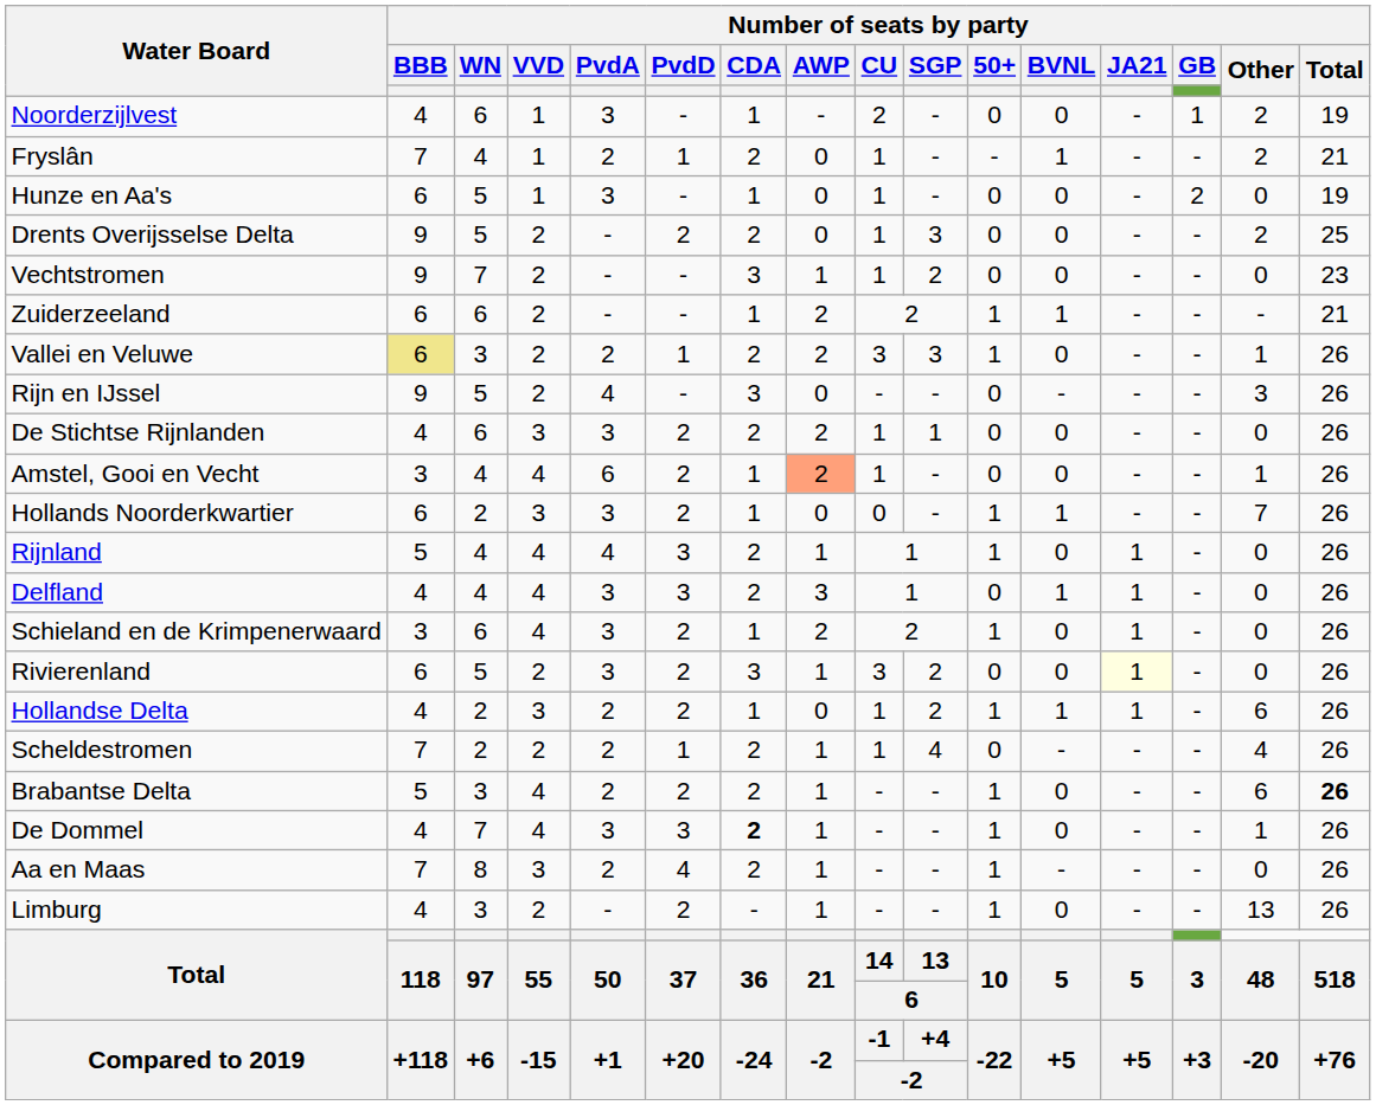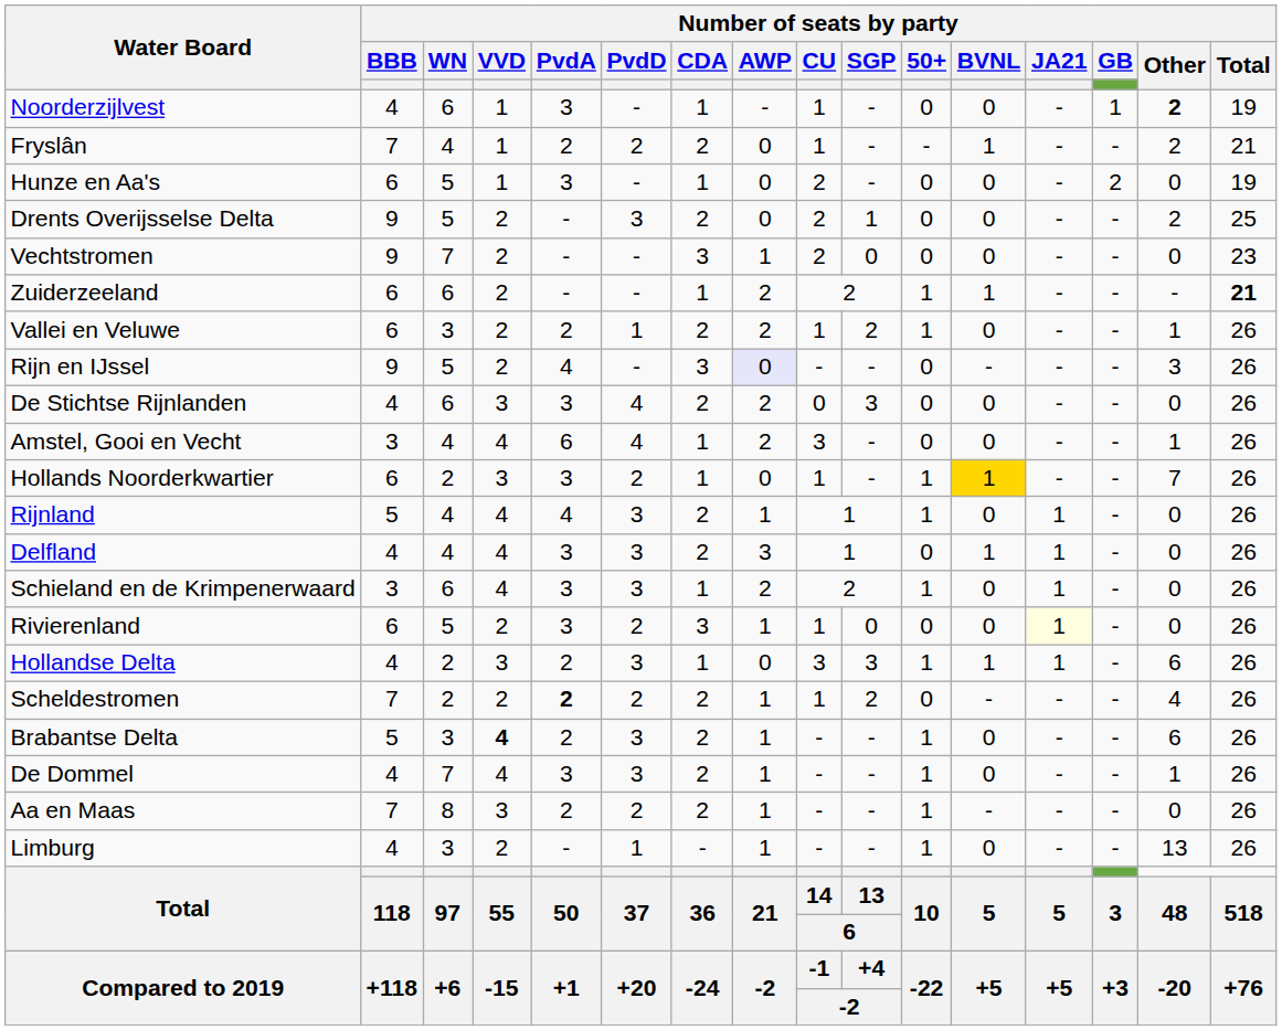 <table class="wikitable" style="text-align:center;">
 <tr>
 <th rowspan="3">Water Board</th>
 <th colspan="15">Number of seats by party</th>
 </tr>
 <tr>
 <th><a href='#'>BBB</a></th>
 <th><a href='#'>WN</a></th>
 <th><a href='#'>VVD</a></th>
 <th><a href='#'>PvdA</a></th>
 <th><a href='#'>PvdD</a></th>
 <th><a href='#'>CDA</a></th>
 <th><a href='#'>AWP</a></th>
 <th><a href='#'>CU</a></th>
 <th><a href='#'>SGP</a></th>
 <th><a href='#'>50+</a></th>
 <th><a href='#'>BVNL</a></th>
 <th><a href='#'>JA21</a></th>
 <th><a href='#'>GB</a></th>
 <th rowspan="2">Other</th>
 <th rowspan="2">Total</th>
 </tr>
 <tr>
 <th style="background-color: "></th>
 <th style="background-color: "></th>
 <th style="background-color: "></th>
 <th style="background-color: "></th>
 <th style="background-color: "></th>
 <th style="background-color: "></th>
 <th style="background-color: "></th>
 <th style="background-color: "></th>
 <th style="background-color: "></th>
 <th style="background-color: "></th>
 <th style="background-color: "></th>
 <th style="background-color: "></th>
 <th style="background-color: #69a841;"></th>
 </tr>
 <tr>
 <td style="text-align:left;"><a href='#'>Noorderzijlvest</a></td>
 <td>4</td>
 <td>6</td>
 <td>1</td>
 <td>3</td>
 <td>-</td>
 <td>1</td>
 <td>-</td>
-<td>2</td>
+<td>1</td>
 <td>-</td>
 <td>0</td>
 <td>0</td>
 <td>-</td>
 <td>1</td>
-<td>2</td>
+<td><strong>2</strong></td>
 <td>19</td>
 </tr>
 <tr>
 <td style="text-align:left;">Fryslân</td>
 <td>7</td>
 <td>4</td>
 <td>1</td>
 <td>2</td>
-<td>1</td>
+<td>2</td>
 <td>2</td>
 <td>0</td>
 <td>1</td>
 <td>-</td>
 <td>-</td>
 <td>1</td>
 <td>-</td>
 <td>-</td>
 <td>2</td>
 <td>21</td>
 </tr>
 <tr>
 <td style="text-align:left;">Hunze en Aa's</td>
 <td>6</td>
 <td>5</td>
 <td>1</td>
 <td>3</td>
 <td>-</td>
 <td>1</td>
 <td>0</td>
-<td>1</td>
+<td>2</td>
 <td>-</td>
 <td>0</td>
 <td>0</td>
 <td>-</td>
 <td>2</td>
 <td>0</td>
 <td>19</td>
 </tr>
 <tr>
 <td style="text-align:left;">Drents Overijsselse Delta</td>
 <td>9</td>
 <td>5</td>
 <td>2</td>
 <td>-</td>
-<td>2</td>
+<td>3</td>
 <td>2</td>
 <td>0</td>
+<td>2</td>
 <td>1</td>
-<td>3</td>
 <td>0</td>
 <td>0</td>
 <td>-</td>
 <td>-</td>
 <td>2</td>
 <td>25</td>
 </tr>
 <tr>
 <td style="text-align:left;">Vechtstromen</td>
 <td>9</td>
 <td>7</td>
 <td>2</td>
 <td>-</td>
 <td>-</td>
 <td>3</td>
 <td>1</td>
-<td>1</td>
 <td>2</td>
+<td>0</td>
 <td>0</td>
 <td>0</td>
 <td>-</td>
 <td>-</td>
 <td>0</td>
 <td>23</td>
 </tr>
 <tr>
 <td style="text-align:left;">Zuiderzeeland</td>
 <td>6</td>
 <td>6</td>
 <td>2</td>
 <td>-</td>
 <td>-</td>
 <td>1</td>
 <td>2</td>
 <td colspan="2">2</td>
 <td>1</td>
 <td>1</td>
 <td>-</td>
 <td>-</td>
 <td>-</td>
-<td>21</td>
+<td><strong>21</strong></td>
 </tr>
 <tr>
 <td style="text-align:left;">Vallei en Veluwe</td>
-<td style="background: khaki;">6</td>
+<td>6</td>
 <td>3</td>
 <td>2</td>
 <td>2</td>
 <td>1</td>
 <td>2</td>
 <td>2</td>
-<td>3</td>
-<td>3</td>
+<td>1</td>
+<td>2</td>
 <td>1</td>
 <td>0</td>
 <td>-</td>
 <td>-</td>
 <td>1</td>
 <td>26</td>
 </tr>
 <tr>
 <td style="text-align:left;">Rijn en IJssel</td>
 <td>9</td>
 <td>5</td>
 <td>2</td>
 <td>4</td>
 <td>-</td>
 <td>3</td>
-<td>0</td>
+<td style="background: lavender;">0</td>
 <td>-</td>
 <td>-</td>
 <td>0</td>
 <td>-</td>
 <td>-</td>
 <td>-</td>
 <td>3</td>
 <td>26</td>
 </tr>
 <tr>
 <td style="text-align:left;">De Stichtse Rijnlanden</td>
 <td>4</td>
 <td>6</td>
 <td>3</td>
 <td>3</td>
+<td>4</td>
 <td>2</td>
 <td>2</td>
-<td>2</td>
-<td>1</td>
-<td>1</td>
+<td>0</td>
+<td>3</td>
 <td>0</td>
 <td>0</td>
 <td>-</td>
 <td>-</td>
 <td>0</td>
 <td>26</td>
 </tr>
 <tr>
 <td style="text-align:left;">Amstel, Gooi en Vecht</td>
 <td>3</td>
 <td>4</td>
 <td>4</td>
 <td>6</td>
+<td>4</td>
+<td>1</td>
 <td>2</td>
-<td>1</td>
-<td style="background: lightsalmon;">2</td>
-<td>1</td>
+<td>3</td>
 <td>-</td>
 <td>0</td>
 <td>0</td>
 <td>-</td>
 <td>-</td>
 <td>1</td>
 <td>26</td>
 </tr>
 <tr>
 <td style="text-align:left;">Hollands Noorderkwartier</td>
 <td>6</td>
 <td>2</td>
 <td>3</td>
 <td>3</td>
 <td>2</td>
 <td>1</td>
 <td>0</td>
-<td>0</td>
+<td>1</td>
 <td>-</td>
 <td>1</td>
-<td>1</td>
+<td style="background: gold;">1</td>
 <td>-</td>
 <td>-</td>
 <td>7</td>
 <td>26</td>
 </tr>
 <tr>
 <td style="text-align:left;"><a href='#'>Rijnland</a></td>
 <td>5</td>
 <td>4</td>
 <td>4</td>
 <td>4</td>
 <td>3</td>
 <td>2</td>
 <td>1</td>
 <td colspan="2">1</td>
 <td>1</td>
 <td>0</td>
 <td>1</td>
 <td>-</td>
 <td>0</td>
 <td>26</td>
 </tr>
 <tr>
 <td style="text-align:left;"><a href='#'>Delfland</a></td>
 <td>4</td>
 <td>4</td>
 <td>4</td>
 <td>3</td>
 <td>3</td>
 <td>2</td>
 <td>3</td>
 <td colspan="2">1</td>
 <td>0</td>
 <td>1</td>
 <td>1</td>
 <td>-</td>
 <td>0</td>
 <td>26</td>
 </tr>
 <tr>
 <td style="text-align:left;">Schieland en de Krimpenerwaard</td>
 <td>3</td>
 <td>6</td>
 <td>4</td>
 <td>3</td>
-<td>2</td>
+<td>3</td>
 <td>1</td>
 <td>2</td>
 <td colspan="2">2</td>
 <td>1</td>
 <td>0</td>
 <td>1</td>
 <td>-</td>
 <td>0</td>
 <td>26</td>
 </tr>
 <tr>
 <td style="text-align:left;">Rivierenland</td>
 <td>6</td>
 <td>5</td>
 <td>2</td>
 <td>3</td>
 <td>2</td>
 <td>3</td>
 <td>1</td>
-<td>3</td>
-<td>2</td>
+<td>1</td>
+<td>0</td>
 <td>0</td>
 <td>0</td>
 <td style="background: lightyellow;">1</td>
 <td>-</td>
 <td>0</td>
 <td>26</td>
 </tr>
 <tr>
 <td style="text-align:left;"><a href='#'>Hollandse Delta</a></td>
 <td>4</td>
 <td>2</td>
 <td>3</td>
 <td>2</td>
-<td>2</td>
+<td>3</td>
 <td>1</td>
 <td>0</td>
-<td>1</td>
-<td>2</td>
+<td>3</td>
+<td>3</td>
 <td>1</td>
 <td>1</td>
 <td>1</td>
 <td>-</td>
 <td>6</td>
 <td>26</td>
 </tr>
 <tr>
 <td style="text-align:left;">Scheldestromen</td>
 <td>7</td>
 <td>2</td>
 <td>2</td>
+<td><strong>2</strong></td>
 <td>2</td>
-<td>1</td>
 <td>2</td>
 <td>1</td>
 <td>1</td>
-<td>4</td>
+<td>2</td>
 <td>0</td>
 <td>-</td>
 <td>-</td>
 <td>-</td>
 <td>4</td>
 <td>26</td>
 </tr>
 <tr>
 <td style="text-align:left;">Brabantse Delta</td>
 <td>5</td>
 <td>3</td>
-<td>4</td>
+<td><strong>4</strong></td>
 <td>2</td>
-<td>2</td>
+<td>3</td>
 <td>2</td>
 <td>1</td>
 <td>-</td>
 <td>-</td>
 <td>1</td>
 <td>0</td>
 <td>-</td>
 <td>-</td>
 <td>6</td>
-<td><strong>26</strong></td>
+<td>26</td>
 </tr>
 <tr>
 <td style="text-align:left;">De Dommel</td>
 <td>4</td>
 <td>7</td>
 <td>4</td>
 <td>3</td>
 <td>3</td>
-<td><strong>2</strong></td>
+<td>2</td>
 <td>1</td>
 <td>-</td>
 <td>-</td>
 <td>1</td>
 <td>0</td>
 <td>-</td>
 <td>-</td>
 <td>1</td>
 <td>26</td>
 </tr>
 <tr>
 <td style="text-align:left;">Aa en Maas</td>
 <td>7</td>
 <td>8</td>
 <td>3</td>
 <td>2</td>
-<td>4</td>
+<td>2</td>
 <td>2</td>
 <td>1</td>
 <td>-</td>
 <td>-</td>
 <td>1</td>
 <td>-</td>
 <td>-</td>
 <td>-</td>
 <td>0</td>
 <td>26</td>
 </tr>
 <tr>
 <td style="text-align:left;">Limburg</td>
 <td>4</td>
 <td>3</td>
 <td>2</td>
 <td>-</td>
-<td>2</td>
+<td>1</td>
 <td>-</td>
 <td>1</td>
 <td>-</td>
 <td>-</td>
 <td>1</td>
 <td>0</td>
 <td>-</td>
 <td>-</td>
 <td>13</td>
 <td>26</td>
 </tr>
 <tr>
 <th rowspan="3">Total</th>
 <th style="background-color: "></th>
 <th style="background-color: "></th>
 <th style="background-color: "></th>
 <th style="background-color: "></th>
 <th style="background-color: "></th>
 <th style="background-color: "></th>
 <th style="background-color: "></th>
 <th style="background-color: "></th>
 <th style="background-color: "></th>
 <th style="background-color: "></th>
 <th style="background-color: "></th>
 <th style="background-color: "></th>
 <th style="background-color: #69a841;"></th>
 <td colspan="2"></td>
 </tr>
 <tr>
 <th rowspan="2">118</th>
 <th rowspan="2">97</th>
 <th rowspan="2">55</th>
 <th rowspan="2">50</th>
 <th rowspan="2">37</th>
 <th rowspan="2">36</th>
 <th rowspan="2">21</th>
 <th rowspan="1">14</th>
 <th rowspan="1">13</th>
 <th rowspan="2">10</th>
 <th rowspan="2">5</th>
 <th rowspan="2">5</th>
 <th rowspan="2">3</th>
 <th rowspan="2">48</th>
 <th rowspan="2">518</th>
 </tr>
 <tr>
 <th colspan="2">6</th>
 </tr>
 <tr>
 <th rowspan="2">Compared to 2019</th>
 <th rowspan="2">+118</th>
 <th rowspan="2">+6</th>
 <th rowspan="2">-15</th>
 <th rowspan="2">+1</th>
 <th rowspan="2">+20</th>
 <th rowspan="2">-24</th>
 <th rowspan="2">-2</th>
 <th rowspan="1">-1</th>
 <th rowspan="1">+4</th>
 <th rowspan="2">-22</th>
 <th rowspan="2">+5</th>
 <th rowspan="2">+5</th>
 <th rowspan="2">+3</th>
 <th rowspan="2">-20</th>
 <th rowspan="2">+76</th>
 </tr>
 <tr>
 <th colspan="2">-2</th>
 </tr>
 </table>
